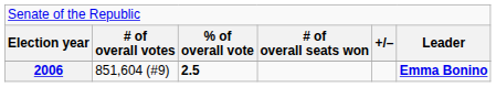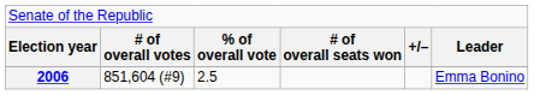 <table class=wikitable>
 <tr>
 <td colspan=6><a href='#'>Senate of the Republic</a></td>
 </tr>
 <tr>
 <th>Election year</th>
 <th># of<br>overall votes</th>
 <th>% of<br>overall vote</th>
 <th># of<br>overall seats won</th>
 <th>+/–</th>
 <th>Leader</th>
 </tr>
 <tr>
 </tr>
 <tr>
 <th><a href='#'>2006</a></th>
 <td>851,604 (#9)</td>
-<td><strong>2.5</strong></td>
+<td>2.5</td>
 <td></td>
 <td></td>
-<td><strong><a href='#'>Emma Bonino</a></strong></td>
+<td><a href='#'>Emma Bonino</a></td>
 </tr>
 </table>
